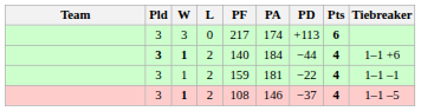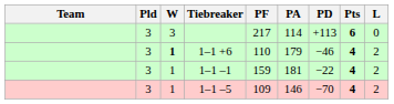 <table class="wikitable" style="text-align:center;">
 <tr>
 <th width=170>Team</th>
 <th width=25>Pld</th>
 <th width=25>W</th>
-<th width=25>L</th>
+<th width=50>Tiebreaker</th>
 <th width=35>PF</th>
 <th width=35>PA</th>
 <th width=35>PD</th>
 <th width=25>Pts</th>
-<th width=50>Tiebreaker</th>
+<th width=25>L</th>
 </tr>
 <tr bgcolor=ccffcc>
 <td align="left"></td>
 <td>3</td>
 <td>3</td>
-<td>0</td>
+<td></td>
 <td>217</td>
-<td>174</td>
+<td>114</td>
 <td>+113</td>
 <td><strong>6</strong></td>
-<td></td>
+<td>0</td>
 </tr>
 <tr bgcolor=ccffcc>
 <td align="left"></td>
-<td><strong>3</strong></td>
+<td>3</td>
 <td><strong>1</strong></td>
+<td>1–1 +6</td>
+<td>110</td>
+<td>179</td>
+<td>−46</td>
+<td><strong>4</strong></td>
 <td>2</td>
-<td>140</td>
-<td>184</td>
-<td>−44</td>
-<td><strong>4</strong></td>
-<td>1–1 +6</td>
 </tr>
 <tr bgcolor=ccffcc>
 <td align="left"></td>
 <td>3</td>
 <td>1</td>
-<td>2</td>
+<td>1–1 –1</td>
 <td>159</td>
 <td>181</td>
 <td>−22</td>
 <td><strong>4</strong></td>
-<td>1–1 –1</td>
+<td>2</td>
 </tr>
 <tr bgcolor=ffcccc>
 <td align="left"></td>
 <td>3</td>
-<td><strong>1</strong></td>
+<td>1</td>
+<td>1–1 –5</td>
+<td>109</td>
+<td>146</td>
+<td>−70</td>
+<td><strong>4</strong></td>
 <td>2</td>
-<td>108</td>
-<td>146</td>
-<td>−37</td>
-<td><strong>4</strong></td>
-<td>1–1 –5</td>
 </tr>
 </table>
